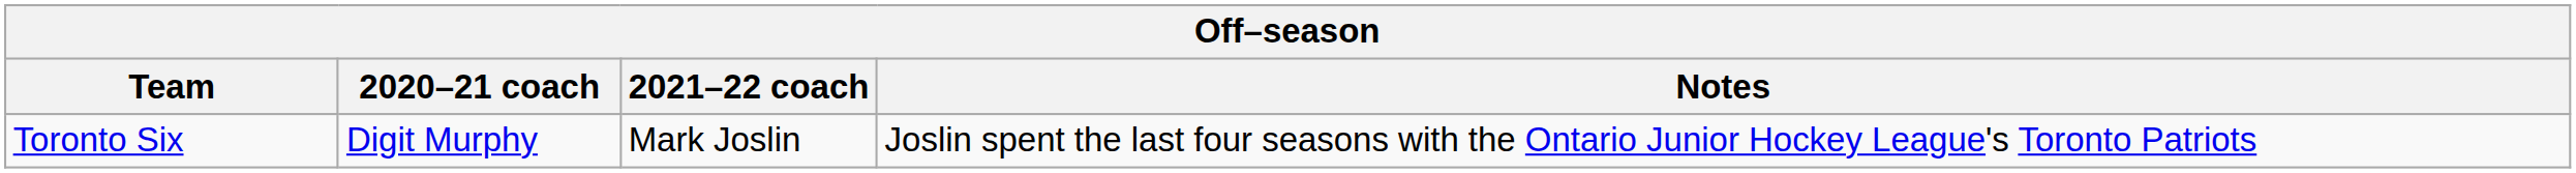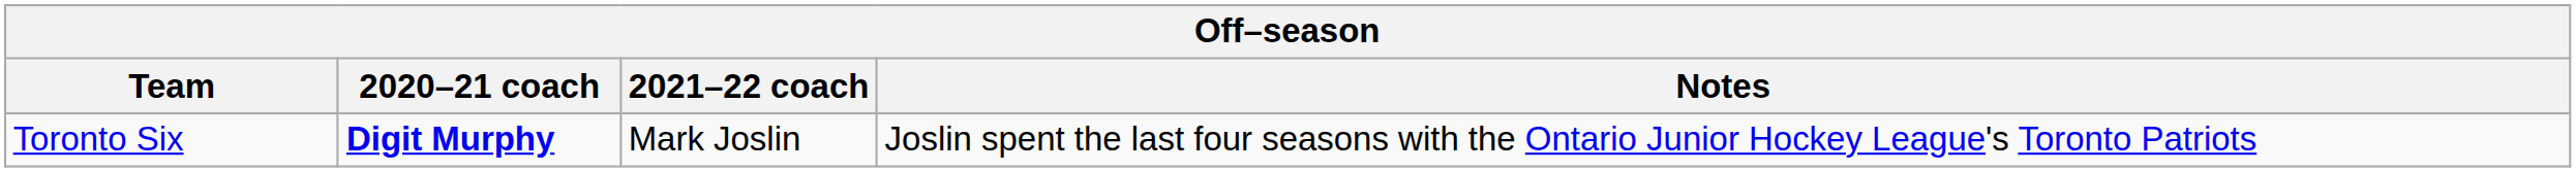 <table class="wikitable">
 <tr>
 <th colspan="4">Off–season</th>
 </tr>
 <tr>
 <th style="width:13%;">Team</th>
 <th style="width:11%;">2020–21 coach</th>
 <th style="width:10%;">2021–22 coach</th>
 <th>Notes</th>
 </tr>
 <tr>
 <td><a href='#'>Toronto Six</a></td>
-<td><a href='#'>Digit Murphy</a></td>
+<td><strong><a href='#'>Digit Murphy</a></strong></td>
 <td>Mark Joslin</td>
 <td>Joslin spent the last four seasons with the <a href='#'>Ontario Junior Hockey League</a>'s <a href='#'>Toronto Patriots</a></td>
 </tr>
 </table>
